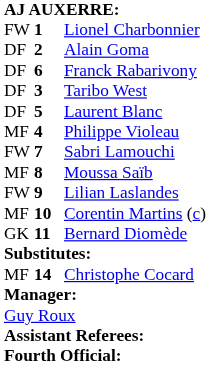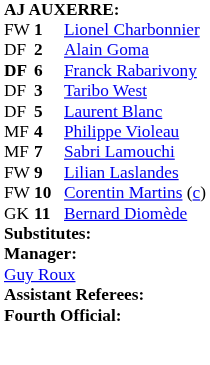 <table style=font-size:90% cellspacing=0 cellpadding=0>
 <tr>
 <td colspan=4><strong>AJ AUXERRE:</strong></td>
 </tr>
 <tr>
 <th width=25></th>
 <th width=25></th>
 </tr>
 <tr>
 <td>FW</td>
 <td><strong>1</strong></td>
 <td> <a href='#'>Lionel Charbonnier</a></td>
 </tr>
 <tr>
 <td>DF</td>
 <td><strong>2</strong></td>
 <td> <a href='#'>Alain Goma</a></td>
 </tr>
 <tr>
-<td>DF</td>
+<td><strong>DF</strong></td>
 <td><strong>6</strong></td>
 <td> <a href='#'>Franck Rabarivony</a></td>
 </tr>
 <tr>
 <td>DF</td>
 <td><strong>3</strong></td>
 <td> <a href='#'>Taribo West</a></td>
 </tr>
 <tr>
 <td>DF</td>
 <td><strong>5</strong></td>
 <td> <a href='#'>Laurent Blanc</a></td>
 </tr>
 <tr>
 <td>MF</td>
 <td><strong>4</strong></td>
 <td> <a href='#'>Philippe Violeau</a></td>
 </tr>
 <tr>
-<td>FW</td>
+<td>MF</td>
 <td><strong>7</strong></td>
 <td> <a href='#'>Sabri Lamouchi</a></td>
-</tr>
-<tr>
-<td>MF</td>
-<td><strong>8</strong></td>
-<td> <a href='#'>Moussa Saïb</a></td>
-<td></td>
-<td></td>
 </tr>
 <tr>
 <td>FW</td>
 <td><strong>9</strong></td>
 <td> <a href='#'>Lilian Laslandes</a></td>
 </tr>
 <tr>
-<td>MF</td>
+<td>FW</td>
 <td><strong>10</strong></td>
 <td> <a href='#'>Corentin Martins</a> (<a href='#'>c</a>)</td>
 </tr>
 <tr>
 <td>GK</td>
 <td><strong>11</strong></td>
 <td> <a href='#'>Bernard Diomède</a></td>
 </tr>
 <tr>
 <td colspan=3><strong>Substitutes:</strong></td>
 </tr>
 <tr>
-<td>MF</td>
-<td><strong>14</strong></td>
-<td> <a href='#'>Christophe Cocard</a></td>
-<td></td>
-<td></td>
-</tr>
-<tr>
 <td colspan=3><strong>Manager:</strong></td>
 </tr>
 <tr>
 <td colspan=4> <a href='#'>Guy Roux</a><br><strong>Assistant Referees:</strong><br> <strong>Fourth Official:</strong><br></td>
 </tr>
 </table>
